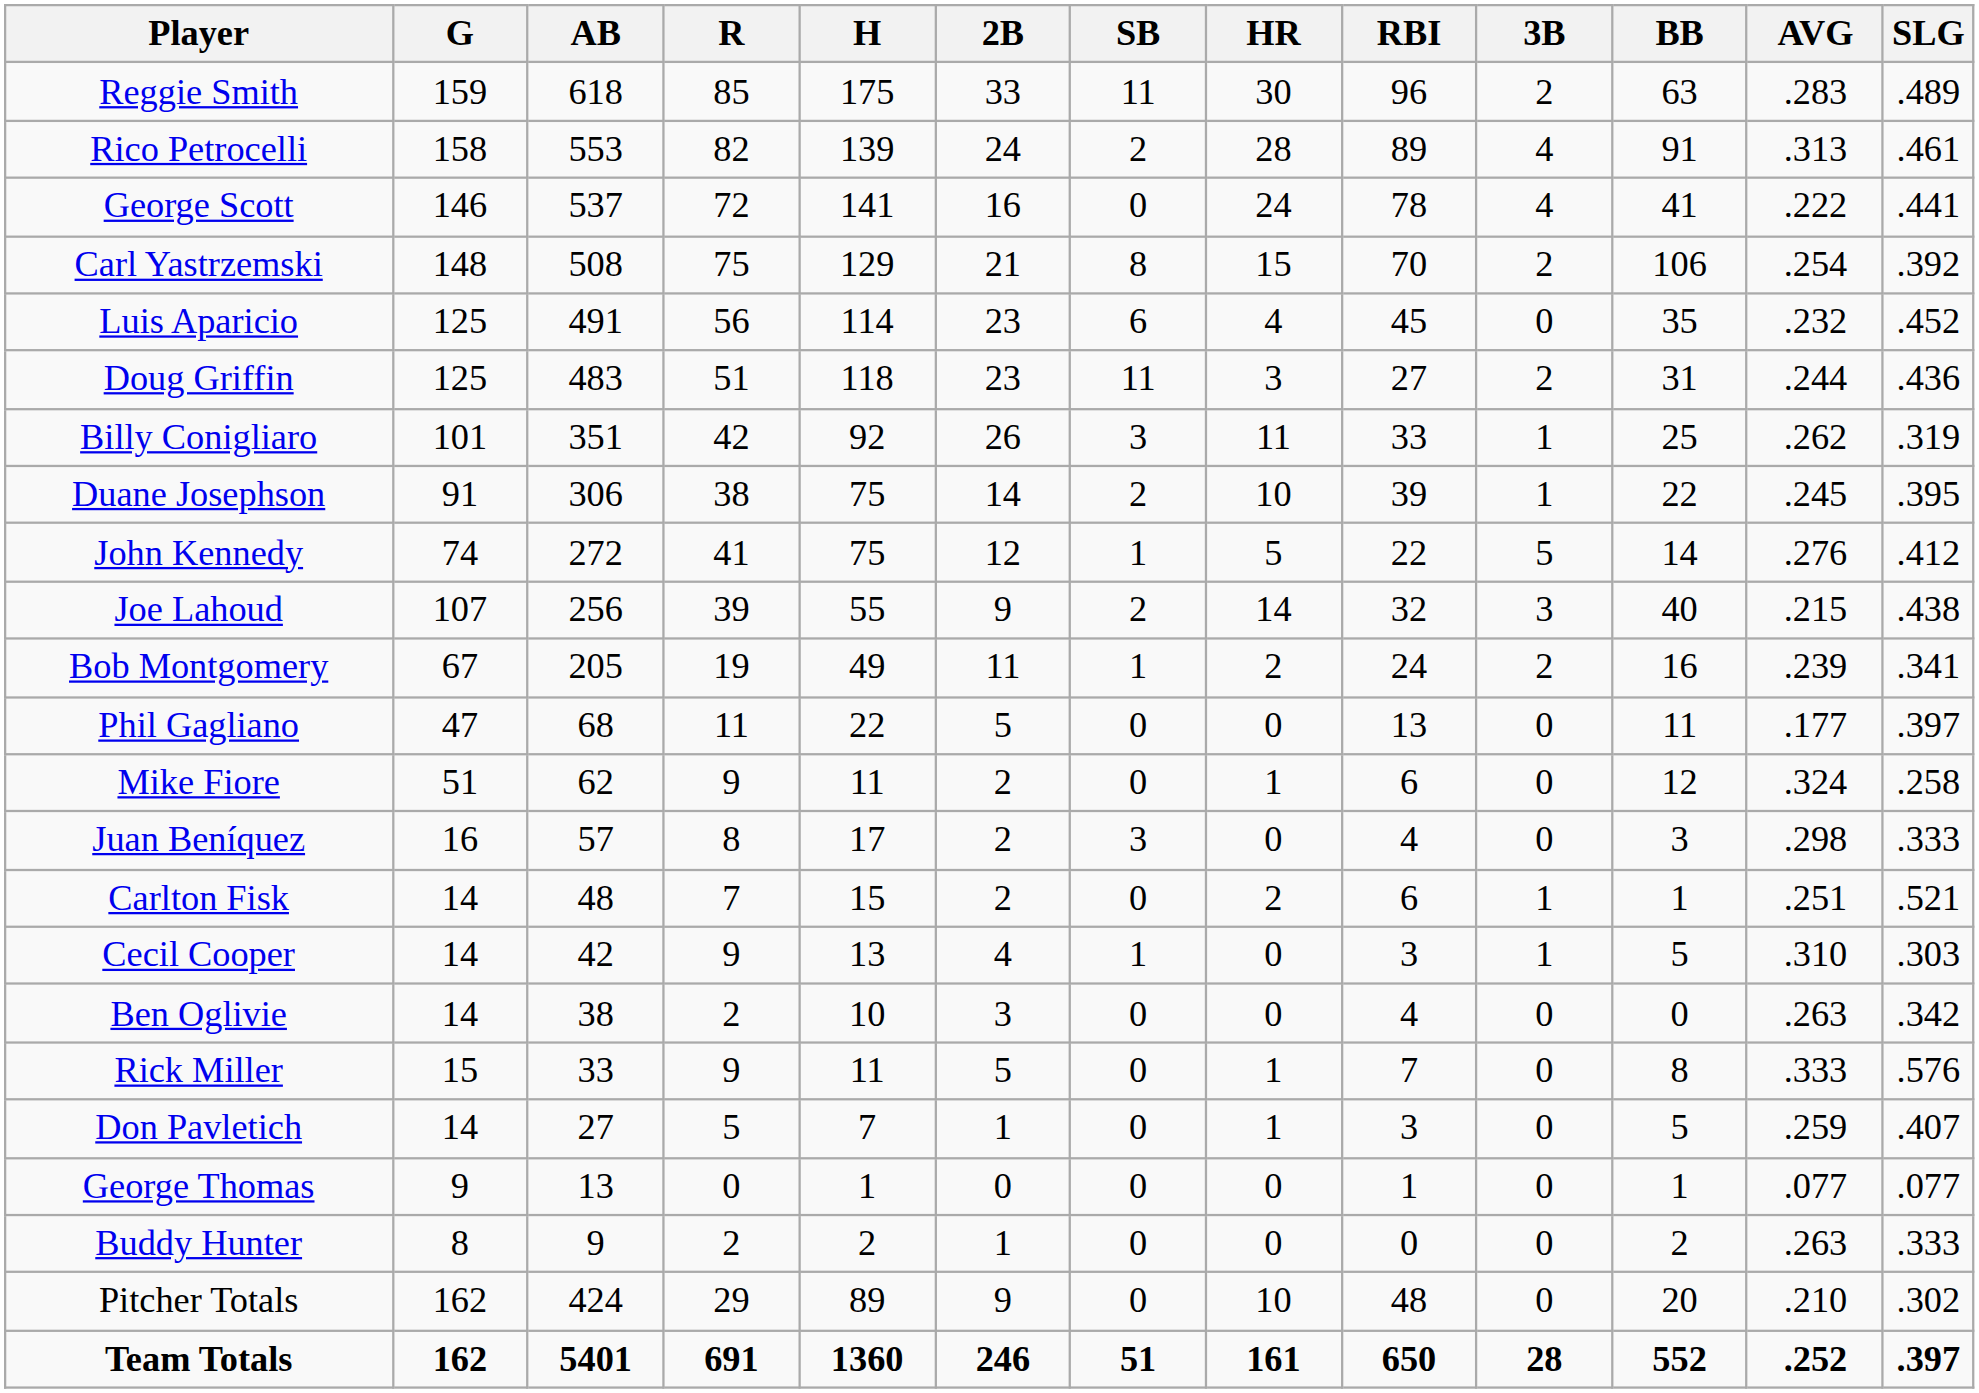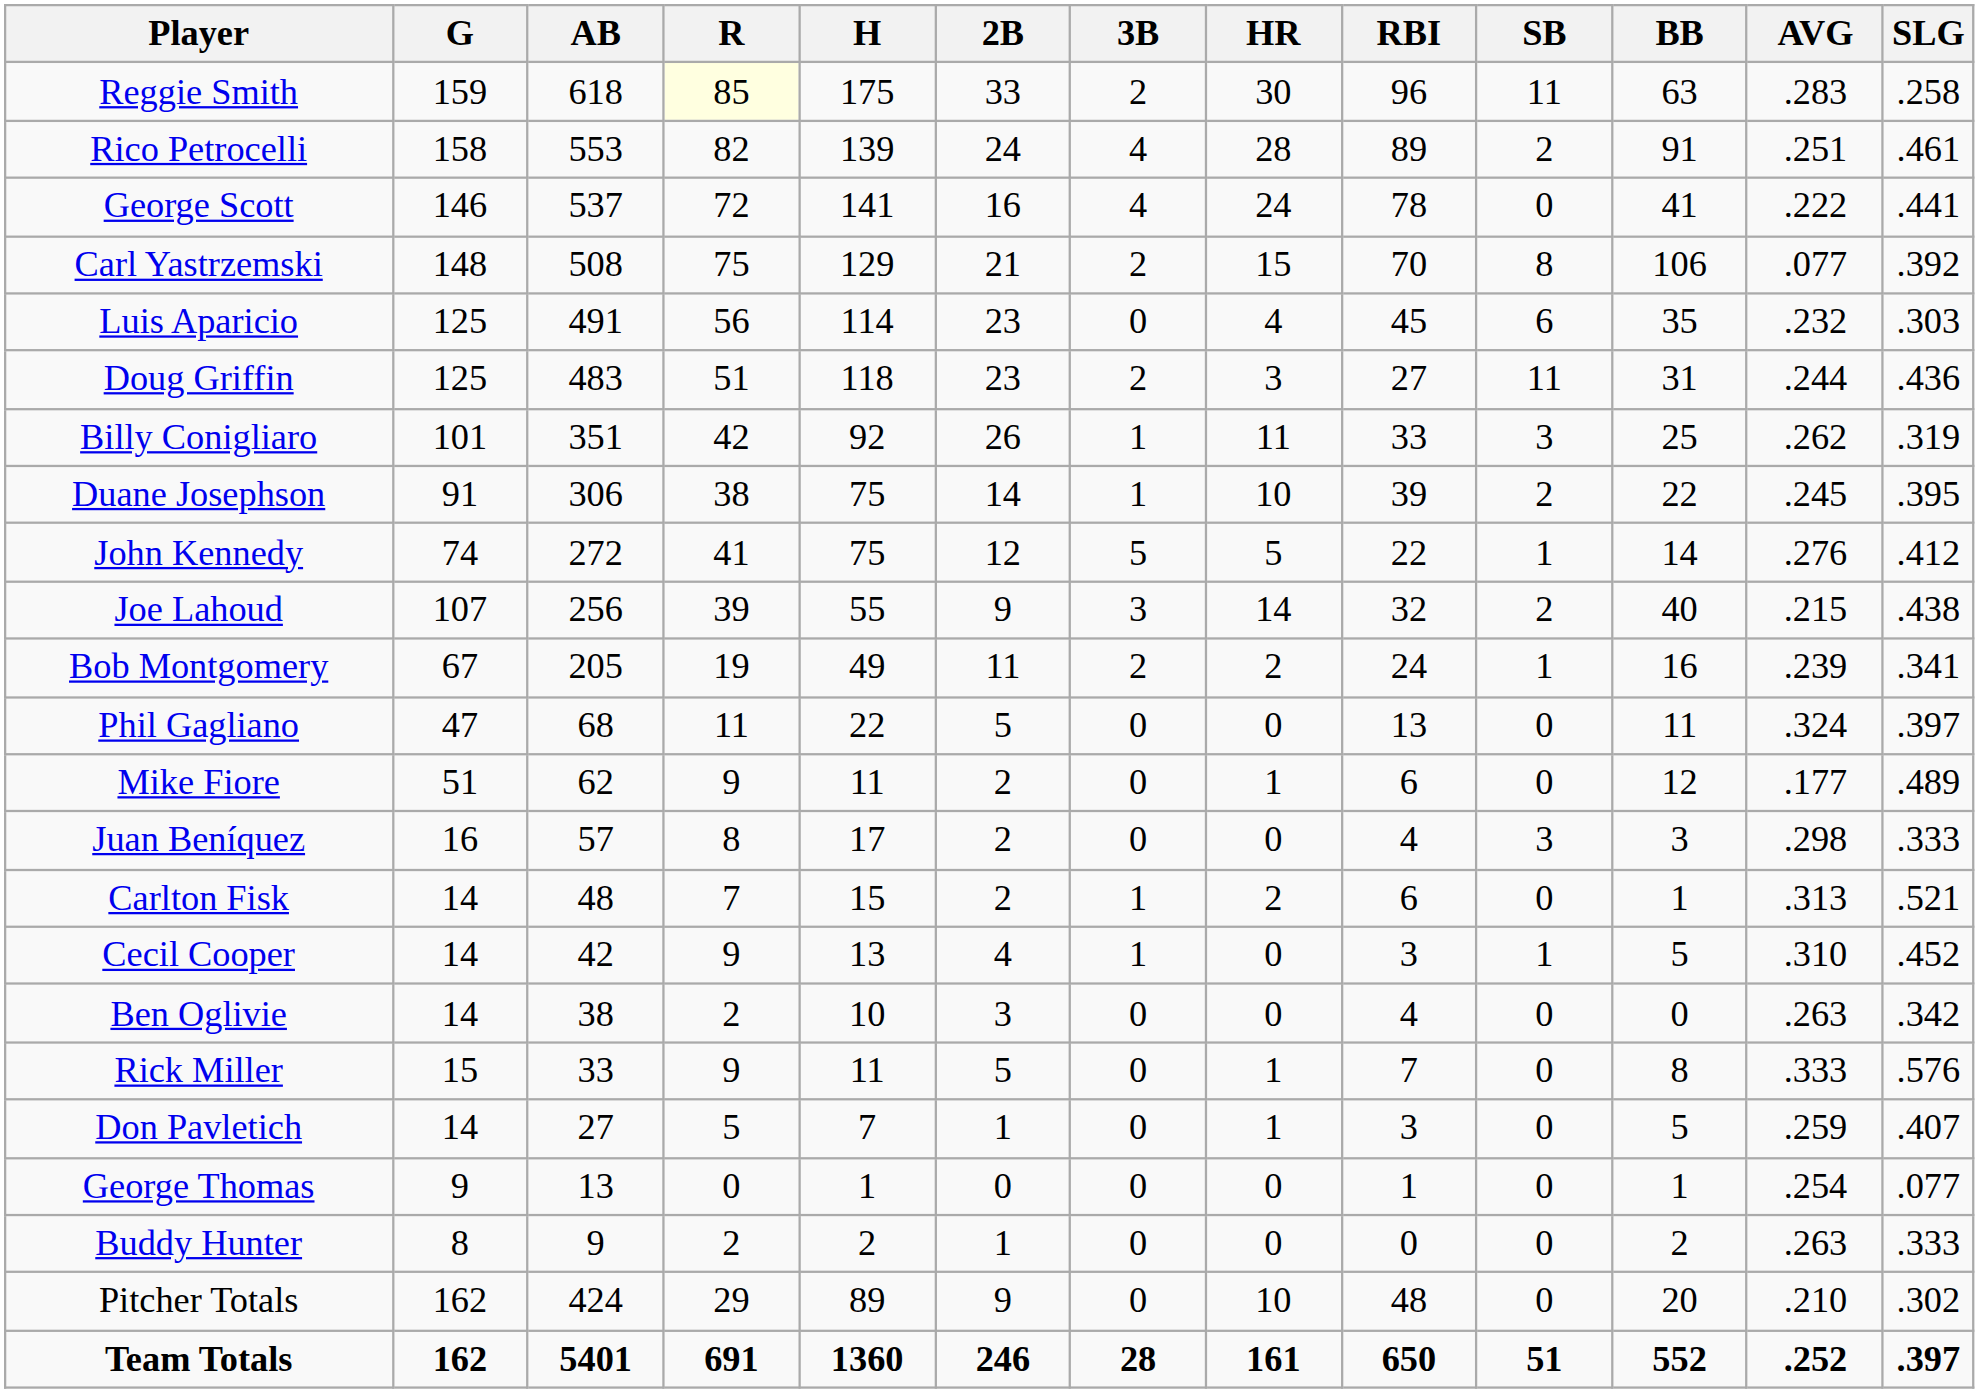 <table class=wikitable style="text-align:center">
 <tr>
 <th bgcolor=#DDDDFF; width="20%">Player</th>
 <th bgcolor=#DDDDFF; width="7%">G</th>
 <th bgcolor=#DDDDFF; width="7%">AB</th>
 <th bgcolor=#DDDDFF; width="7%">R</th>
 <th bgcolor=#DDDDFF; width="7%'">H</th>
 <th bgcolor=#DDDDFF; width="7%">2B</th>
-<th bgcolor=#DDDDFF; width="7%">SB</th>
+<th bgcolor=#DDDDFF; width="7%">3B</th>
 <th bgcolor=#DDDDFF; width="7%">HR</th>
 <th bgcolor=#DDDDFF; width="7%">RBI</th>
-<th bgcolor=#DDDDFF; width="7%">3B</th>
+<th bgcolor=#DDDDFF; width="7%">SB</th>
 <th bgcolor=#DDDDFF; width="7%">BB</th>
 <th bgcolor=#DDDDFF; width="7%">AVG</th>
 <th bgcolor=#DDDDFF; width="7%">SLG</th>
 </tr>
 <tr>
 <td><a href='#'>Reggie Smith</a></td>
 <td>159</td>
 <td>618</td>
-<td>85</td>
+<td style="background: lightyellow;">85</td>
 <td>175</td>
 <td>33</td>
-<td>11</td>
+<td>2</td>
 <td>30</td>
 <td>96</td>
-<td>2</td>
+<td>11</td>
 <td>63</td>
 <td>.283</td>
-<td>.489</td>
+<td>.258</td>
 </tr>
 <tr>
 <td><a href='#'>Rico Petrocelli</a></td>
 <td>158</td>
 <td>553</td>
 <td>82</td>
 <td>139</td>
 <td>24</td>
-<td>2</td>
+<td>4</td>
 <td>28</td>
 <td>89</td>
-<td>4</td>
+<td>2</td>
 <td>91</td>
-<td>.313</td>
+<td>.251</td>
 <td>.461</td>
 </tr>
 <tr>
 <td><a href='#'>George Scott</a></td>
 <td>146</td>
 <td>537</td>
 <td>72</td>
 <td>141</td>
 <td>16</td>
-<td>0</td>
+<td>4</td>
 <td>24</td>
 <td>78</td>
-<td>4</td>
+<td>0</td>
 <td>41</td>
 <td>.222</td>
 <td>.441</td>
 </tr>
 <tr>
 <td><a href='#'>Carl Yastrzemski</a></td>
 <td>148</td>
 <td>508</td>
 <td>75</td>
 <td>129</td>
 <td>21</td>
-<td>8</td>
+<td>2</td>
 <td>15</td>
 <td>70</td>
-<td>2</td>
+<td>8</td>
 <td>106</td>
-<td>.254</td>
+<td>.077</td>
 <td>.392</td>
 </tr>
 <tr>
 <td><a href='#'>Luis Aparicio</a></td>
 <td>125</td>
 <td>491</td>
 <td>56</td>
 <td>114</td>
 <td>23</td>
-<td>6</td>
+<td>0</td>
 <td>4</td>
 <td>45</td>
-<td>0</td>
+<td>6</td>
 <td>35</td>
 <td>.232</td>
-<td>.452</td>
+<td>.303</td>
 </tr>
 <tr>
 <td><a href='#'>Doug Griffin</a></td>
 <td>125</td>
 <td>483</td>
 <td>51</td>
 <td>118</td>
 <td>23</td>
-<td>11</td>
+<td>2</td>
 <td>3</td>
 <td>27</td>
-<td>2</td>
+<td>11</td>
 <td>31</td>
 <td>.244</td>
 <td>.436</td>
 </tr>
 <tr>
 <td><a href='#'>Billy Conigliaro</a></td>
 <td>101</td>
 <td>351</td>
 <td>42</td>
 <td>92</td>
 <td>26</td>
-<td>3</td>
+<td>1</td>
 <td>11</td>
 <td>33</td>
-<td>1</td>
+<td>3</td>
 <td>25</td>
 <td>.262</td>
 <td>.319</td>
 </tr>
 <tr>
 <td><a href='#'>Duane Josephson</a></td>
 <td>91</td>
 <td>306</td>
 <td>38</td>
 <td>75</td>
 <td>14</td>
-<td>2</td>
+<td>1</td>
 <td>10</td>
 <td>39</td>
-<td>1</td>
+<td>2</td>
 <td>22</td>
 <td>.245</td>
 <td>.395</td>
 </tr>
 <tr>
 <td><a href='#'>John Kennedy</a></td>
 <td>74</td>
 <td>272</td>
 <td>41</td>
 <td>75</td>
 <td>12</td>
-<td>1</td>
+<td>5</td>
 <td>5</td>
 <td>22</td>
-<td>5</td>
+<td>1</td>
 <td>14</td>
 <td>.276</td>
 <td>.412</td>
 </tr>
 <tr>
 <td><a href='#'>Joe Lahoud</a></td>
 <td>107</td>
 <td>256</td>
 <td>39</td>
 <td>55</td>
 <td>9</td>
-<td>2</td>
+<td>3</td>
 <td>14</td>
 <td>32</td>
-<td>3</td>
+<td>2</td>
 <td>40</td>
 <td>.215</td>
 <td>.438</td>
 </tr>
 <tr>
 <td><a href='#'>Bob Montgomery</a></td>
 <td>67</td>
 <td>205</td>
 <td>19</td>
 <td>49</td>
 <td>11</td>
-<td>1</td>
+<td>2</td>
 <td>2</td>
 <td>24</td>
-<td>2</td>
+<td>1</td>
 <td>16</td>
 <td>.239</td>
 <td>.341</td>
 </tr>
 <tr>
 <td><a href='#'>Phil Gagliano</a></td>
 <td>47</td>
 <td>68</td>
 <td>11</td>
 <td>22</td>
 <td>5</td>
 <td>0</td>
 <td>0</td>
 <td>13</td>
 <td>0</td>
 <td>11</td>
-<td>.177</td>
+<td>.324</td>
 <td>.397</td>
 </tr>
 <tr>
 <td><a href='#'>Mike Fiore</a></td>
 <td>51</td>
 <td>62</td>
 <td>9</td>
 <td>11</td>
 <td>2</td>
 <td>0</td>
 <td>1</td>
 <td>6</td>
 <td>0</td>
 <td>12</td>
-<td>.324</td>
-<td>.258</td>
+<td>.177</td>
+<td>.489</td>
 </tr>
 <tr>
 <td><a href='#'>Juan Beníquez</a></td>
 <td>16</td>
 <td>57</td>
 <td>8</td>
 <td>17</td>
 <td>2</td>
-<td>3</td>
+<td>0</td>
 <td>0</td>
 <td>4</td>
-<td>0</td>
+<td>3</td>
 <td>3</td>
 <td>.298</td>
 <td>.333</td>
 </tr>
 <tr>
 <td><a href='#'>Carlton Fisk</a></td>
 <td>14</td>
 <td>48</td>
 <td>7</td>
 <td>15</td>
 <td>2</td>
-<td>0</td>
+<td>1</td>
 <td>2</td>
 <td>6</td>
+<td>0</td>
 <td>1</td>
-<td>1</td>
-<td>.251</td>
+<td>.313</td>
 <td>.521</td>
 </tr>
 <tr>
 <td><a href='#'>Cecil Cooper</a></td>
 <td>14</td>
 <td>42</td>
 <td>9</td>
 <td>13</td>
 <td>4</td>
 <td>1</td>
 <td>0</td>
 <td>3</td>
 <td>1</td>
 <td>5</td>
 <td>.310</td>
-<td>.303</td>
+<td>.452</td>
 </tr>
 <tr>
 <td><a href='#'>Ben Oglivie</a></td>
 <td>14</td>
 <td>38</td>
 <td>2</td>
 <td>10</td>
 <td>3</td>
 <td>0</td>
 <td>0</td>
 <td>4</td>
 <td>0</td>
 <td>0</td>
 <td>.263</td>
 <td>.342</td>
 </tr>
 <tr>
 <td><a href='#'>Rick Miller</a></td>
 <td>15</td>
 <td>33</td>
 <td>9</td>
 <td>11</td>
 <td>5</td>
 <td>0</td>
 <td>1</td>
 <td>7</td>
 <td>0</td>
 <td>8</td>
 <td>.333</td>
 <td>.576</td>
 </tr>
 <tr>
 <td><a href='#'>Don Pavletich</a></td>
 <td>14</td>
 <td>27</td>
 <td>5</td>
 <td>7</td>
 <td>1</td>
 <td>0</td>
 <td>1</td>
 <td>3</td>
 <td>0</td>
 <td>5</td>
 <td>.259</td>
 <td>.407</td>
 </tr>
 <tr>
 <td><a href='#'>George Thomas</a></td>
 <td>9</td>
 <td>13</td>
 <td>0</td>
 <td>1</td>
 <td>0</td>
 <td>0</td>
 <td>0</td>
 <td>1</td>
 <td>0</td>
 <td>1</td>
-<td>.077</td>
+<td>.254</td>
 <td>.077</td>
 </tr>
 <tr>
 <td><a href='#'>Buddy Hunter</a></td>
 <td>8</td>
 <td>9</td>
 <td>2</td>
 <td>2</td>
 <td>1</td>
 <td>0</td>
 <td>0</td>
 <td>0</td>
 <td>0</td>
 <td>2</td>
 <td>.263</td>
 <td>.333</td>
 </tr>
 <tr>
 <td>Pitcher Totals</td>
 <td>162</td>
 <td>424</td>
 <td>29</td>
 <td>89</td>
 <td>9</td>
 <td>0</td>
 <td>10</td>
 <td>48</td>
 <td>0</td>
 <td>20</td>
 <td>.210</td>
 <td>.302</td>
 </tr>
 <tr>
 <td><strong>Team Totals</strong></td>
 <td><strong>162</strong></td>
 <td><strong>5401</strong></td>
 <td><strong>691</strong></td>
 <td><strong>1360</strong></td>
 <td><strong>246</strong></td>
-<td><strong>51</strong></td>
+<td><strong>28</strong></td>
 <td><strong>161</strong></td>
 <td><strong>650</strong></td>
-<td><strong>28</strong></td>
+<td><strong>51</strong></td>
 <td><strong>552</strong></td>
 <td><strong>.252</strong></td>
 <td><strong>.397</strong></td>
 </tr>
 </table>
